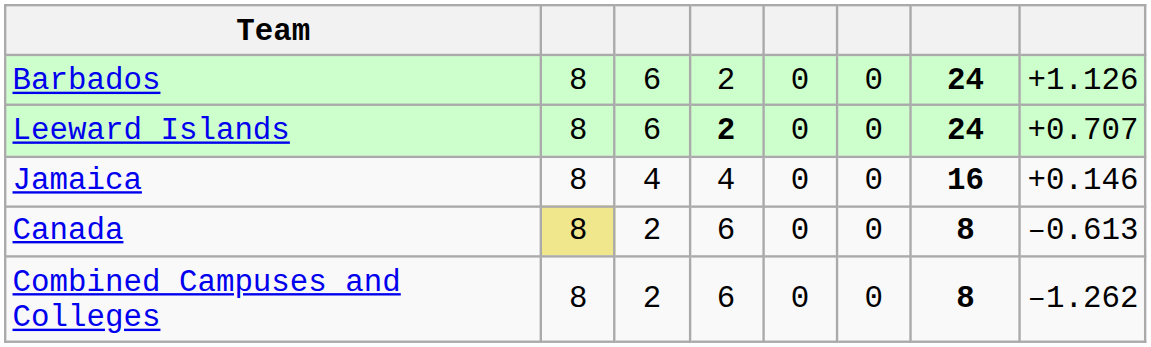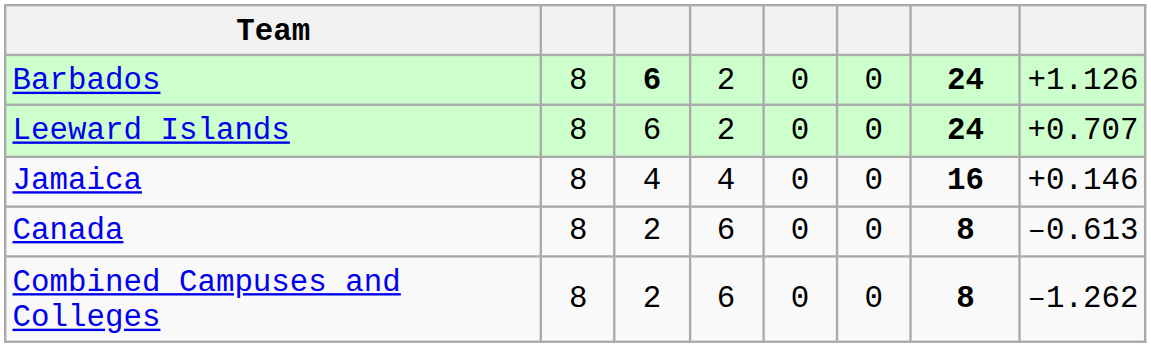 <table class="wikitable" style="text-align:center">
 <tr>
 <th width=220>Team</th>
 <th width=25></th>
 <th width=25></th>
 <th width=25></th>
 <th width=25></th>
 <th width=25></th>
 <th width=40></th>
 <th width=40></th>
 </tr>
 <tr style="background-color:#cfc">
 <td style="text-align:left;"><a href='#'>Barbados</a></td>
 <td>8</td>
-<td>6</td>
+<td><strong>6</strong></td>
 <td>2</td>
 <td>0</td>
 <td>0</td>
 <td><strong>24</strong></td>
 <td>+1.126</td>
 </tr>
 <tr style="background-color:#cfc">
 <td style="text-align:left;"><a href='#'>Leeward Islands</a></td>
 <td>8</td>
 <td>6</td>
-<td><strong>2</strong></td>
+<td>2</td>
 <td>0</td>
 <td>0</td>
 <td><strong>24</strong></td>
 <td>+0.707</td>
 </tr>
 <tr>
 <td style="text-align:left;"><a href='#'>Jamaica</a></td>
 <td>8</td>
 <td>4</td>
 <td>4</td>
 <td>0</td>
 <td>0</td>
 <td><strong>16</strong></td>
 <td>+0.146</td>
 </tr>
 <tr>
 <td style="text-align:left;"><a href='#'>Canada</a></td>
-<td style="background: khaki;">8</td>
+<td>8</td>
 <td>2</td>
 <td>6</td>
 <td>0</td>
 <td>0</td>
 <td><strong>8</strong></td>
 <td>–0.613</td>
 </tr>
 <tr>
 <td style="text-align:left;"><a href='#'>Combined Campuses and Colleges</a></td>
 <td>8</td>
 <td>2</td>
 <td>6</td>
 <td>0</td>
 <td>0</td>
 <td><strong>8</strong></td>
 <td>–1.262</td>
 </tr>
 </table>
